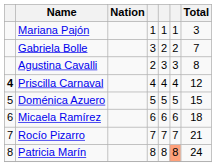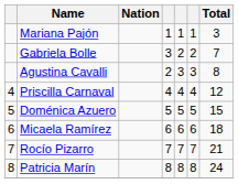 <table class="wikitable" style="text-align:center">
 <tr>
 <th></th>
 <th>Name</th>
 <th>Nation</th>
 <th></th>
 <th></th>
 <th></th>
 <th>Total</th>
 </tr>
 <tr>
 <td></td>
 <td align=left><a href='#'>Mariana Pajón</a></td>
 <td align=left></td>
 <td>1</td>
 <td>1</td>
 <td>1</td>
 <td>3</td>
 </tr>
 <tr>
 <td></td>
 <td align=left><a href='#'>Gabriela Bolle</a></td>
 <td align=left></td>
 <td>3</td>
 <td>2</td>
 <td>2</td>
 <td>7</td>
 </tr>
 <tr>
 <td></td>
 <td align=left><a href='#'>Agustina Cavalli</a></td>
 <td align=left></td>
 <td>2</td>
 <td>3</td>
 <td>3</td>
 <td>8</td>
 </tr>
 <tr>
-<td><strong>4</strong></td>
+<td>4</td>
 <td align=left><a href='#'>Priscilla Carnaval</a></td>
 <td align=left></td>
 <td>4</td>
 <td>4</td>
 <td>4</td>
 <td>12</td>
 </tr>
 <tr>
 <td>5</td>
 <td align=left><a href='#'>Doménica Azuero</a></td>
 <td align=left></td>
 <td>5</td>
 <td>5</td>
 <td>5</td>
 <td>15</td>
 </tr>
 <tr>
 <td>6</td>
 <td align=left><a href='#'>Micaela Ramírez</a></td>
 <td align=left></td>
 <td>6</td>
 <td>6</td>
 <td>6</td>
 <td>18</td>
 </tr>
 <tr>
 <td>7</td>
 <td align=left><a href='#'>Rocío Pizarro</a></td>
 <td align=left></td>
 <td>7</td>
 <td>7</td>
 <td>7</td>
 <td>21</td>
 </tr>
 <tr>
 <td>8</td>
 <td align=left><a href='#'>Patricia Marín</a></td>
 <td align=left></td>
 <td>8</td>
 <td>8</td>
-<td style="background: lightsalmon;">8</td>
+<td>8</td>
 <td>24</td>
 </tr>
 <tr>
 </tr>
 </table>
